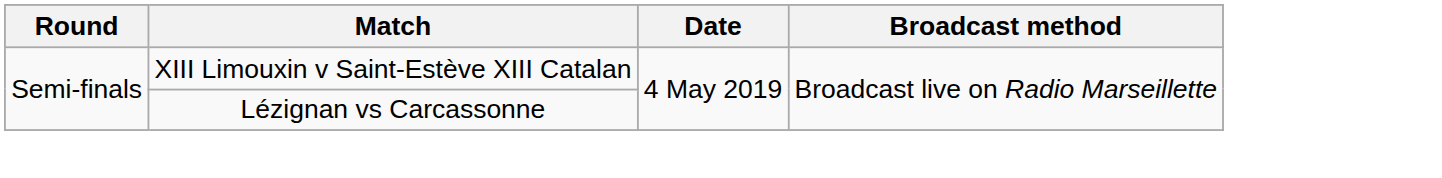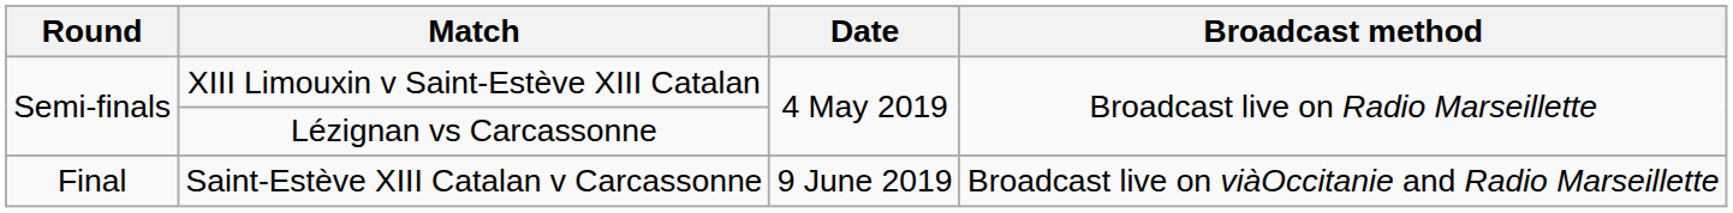 <table class="wikitable" style="border-collapse:collapse; font-size:90%; text-align:center">
 <tr>
 <th>Round</th>
 <th>Match</th>
 <th>Date</th>
 <th>Broadcast method</th>
 </tr>
 <tr>
 <td rowspan=2>Semi-finals</td>
 <td>XIII Limouxin v Saint-Estève XIII Catalan</td>
 <td rowspan=2>4 May 2019</td>
 <td rowspan=2>Broadcast live on <em>Radio Marseillette</em></td>
 </tr>
 <tr>
 <td>Lézignan vs Carcassonne</td>
 </tr>
+<tr>
+<td>Final</td>
+<td>Saint-Estève XIII Catalan v Carcassonne</td>
+<td>9 June 2019</td>
+<td>Broadcast live on <em>viàOccitanie</em> and <em>Radio Marseillette</em></td>
+</tr>
 </table>
